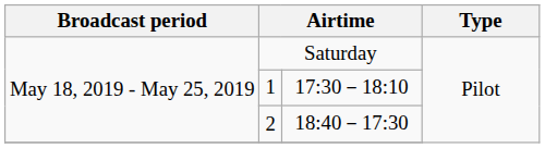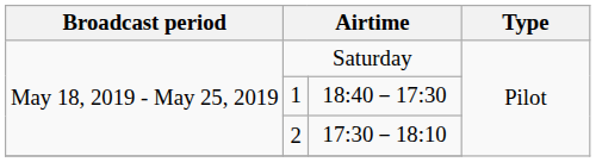 <table class="wikitable" style=text-align:center>
 <tr>
 <th>Broadcast period</th>
 <th width=120 colspan=2>Airtime</th>
 <th width=85>Type</th>
 </tr>
 <tr>
 <td rowspan=3>May 18, 2019 - May 25, 2019</td>
 <td colspan=2>Saturday</td>
 <td rowspan=6>Pilot</td>
 </tr>
 <tr>
 <td>1</td>
-<td>17:30－18:10</td>
+<td>18:40－17:30</td>
 </tr>
 <tr>
 <td>2</td>
-<td>18:40－17:30</td>
+<td>17:30－18:10</td>
 </tr>
 <tr>
 </tr>
 </table>
